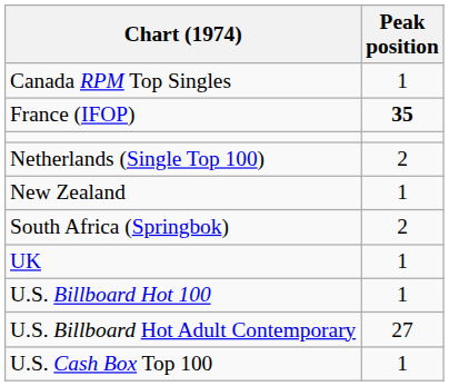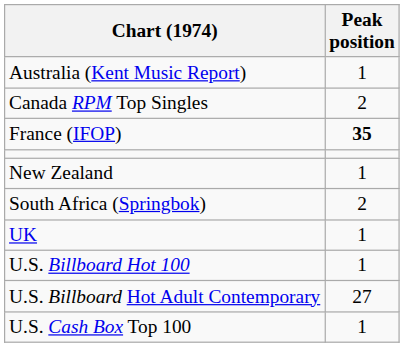 <table class="wikitable sortable">
 <tr>
 <th align="left">Chart (1974)</th>
 <th align="left">Peak<br>position</th>
 </tr>
 <tr>
+<td>Australia (<a href='#'>Kent Music Report</a>)</td>
+<td style="text-align:center;">1</td>
+</tr>
+<tr>
 <td align="left">Canada <a href='#'><em>RPM</em></a> Top Singles</td>
-<td style="text-align:center;">1</td>
+<td style="text-align:center;">2</td>
 </tr>
 <tr>
 <td>France (<a href='#'>IFOP</a>)</td>
 <td align="center"><strong>35</strong></td>
 </tr>
 <tr>
 <td></td>
-</tr>
-<tr>
-<td>Netherlands (<a href='#'>Single Top 100</a>)</td>
-<td align="center">2</td>
 </tr>
 <tr>
 <td align="left">New Zealand</td>
 <td style="text-align:center;">1</td>
 </tr>
 <tr>
 <td>South Africa (<a href='#'>Springbok</a>)</td>
 <td align="center">2</td>
 </tr>
 <tr>
 <td align="left"><a href='#'>UK</a></td>
 <td style="text-align:center;">1</td>
 </tr>
 <tr>
 <td align="left">U.S. <em><a href='#'>Billboard Hot 100</a></em></td>
 <td style="text-align:center;">1</td>
 </tr>
 <tr>
 <td align="left">U.S. <em>Billboard</em> <a href='#'>Hot Adult Contemporary</a></td>
 <td style="text-align:center;">27</td>
 </tr>
 <tr>
 <td>U.S. <a href='#'><em>Cash Box</em></a> Top 100</td>
 <td align="center">1</td>
 </tr>
 </table>
